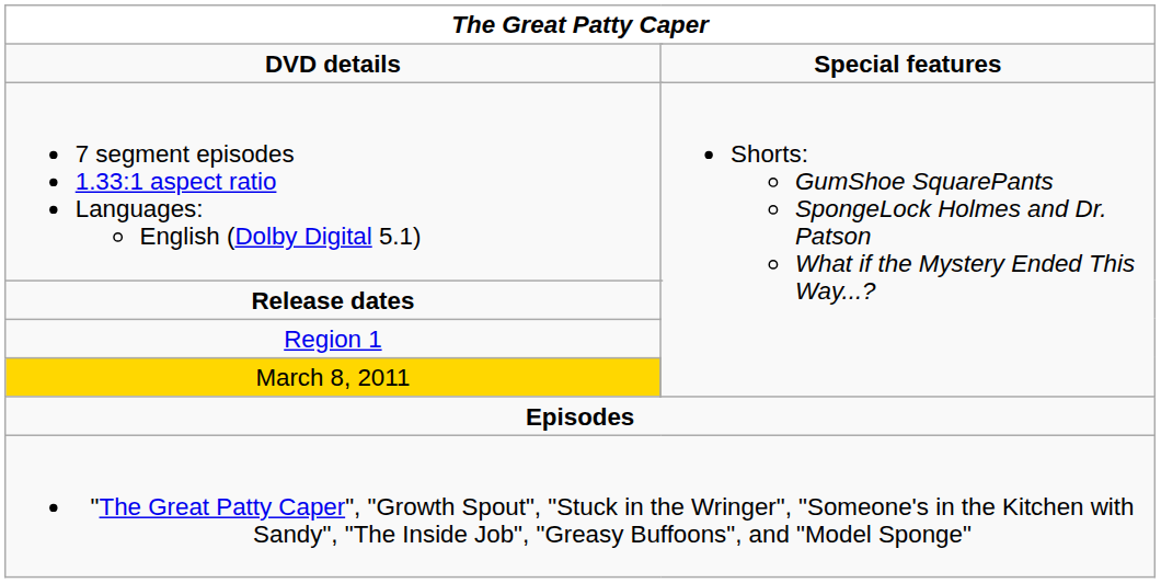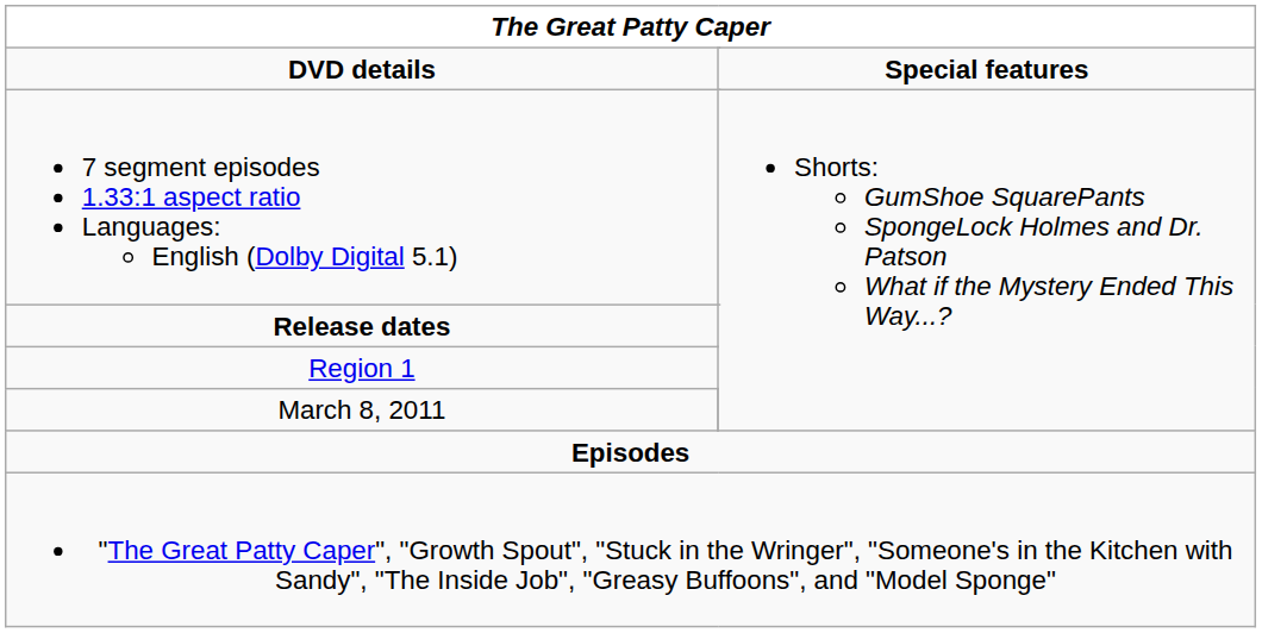 <table class="wikitable" style="font-size: 95%;">
 <tr style="background:#FFF; color:#000;">
 <td colspan="4" align="center"><strong><em>The Great Patty Caper</em></strong></td>
 </tr>
 <tr valign="top">
 <td style="text-align:center; width:400px;" colspan="3"><strong>DVD details</strong></td>
 <td style="width:300px; text-align:center;"><strong>Special features</strong></td>
 </tr>
 <tr valign="top">
 <td colspan="3" style="text-align:left; width:400px;"><br><ul><li>7 segment episodes</li><li><a href='#'>1.33:1 aspect ratio</a></li><li>Languages:<ul><li>English (<a href='#'>Dolby Digital</a> 5.1)</li></ul></li></ul></td>
 <td rowspan="4" style="text-align:left; width:300px;"><br><ul><li>Shorts:<ul><li><em>GumShoe SquarePants</em></li><li><em>SpongeLock Holmes and Dr. Patson</em></li><li><em>What if the Mystery Ended This Way...?</em></li></ul></li></ul></td>
 </tr>
 <tr>
 <td colspan="3" style="text-align:center;"><strong>Release dates</strong></td>
 </tr>
 <tr>
 <td colspan="3" style="text-align:center;"><a href='#'>Region 1</a></td>
 </tr>
 <tr style="text-align:center;">
-<td style="background: gold;">March 8, 2011</td>
+<td>March 8, 2011</td>
 </tr>
 <tr>
 <td style="text-align:center; width:400px;" colspan="4"><strong>Episodes</strong></td>
 </tr>
 <tr>
 <td style="text-align:center; width:400px;" colspan="4"><br><ul><li>"<a href='#'>The Great Patty Caper</a>", "Growth Spout", "Stuck in the Wringer", "Someone's in the Kitchen with Sandy", "The Inside Job", "Greasy Buffoons", and "Model Sponge"</li></ul></td>
 </tr>
 </table>
